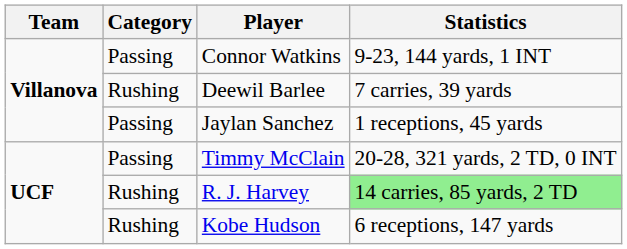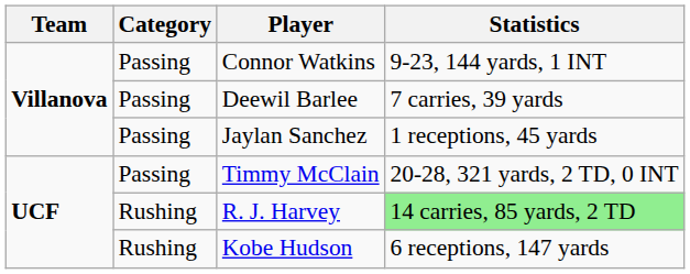 <table class="wikitable" style="float: right;">
 <tr>
 <th>Team</th>
 <th>Category</th>
 <th>Player</th>
 <th>Statistics</th>
 </tr>
 <tr>
 <td rowspan=3><strong>Villanova</strong></td>
 <td>Passing</td>
 <td>Connor Watkins</td>
 <td>9-23, 144 yards, 1 INT</td>
 </tr>
 <tr>
-<td>Rushing</td>
+<td>Passing</td>
 <td>Deewil Barlee</td>
 <td>7 carries, 39 yards</td>
 </tr>
 <tr>
 <td>Passing</td>
 <td>Jaylan Sanchez</td>
 <td>1 receptions, 45 yards</td>
 </tr>
 <tr>
 <td rowspan=3><strong>UCF</strong></td>
 <td>Passing</td>
 <td><a href='#'>Timmy McClain</a></td>
 <td>20-28, 321 yards, 2 TD, 0 INT</td>
 </tr>
 <tr>
 <td>Rushing</td>
 <td><a href='#'>R. J. Harvey</a></td>
 <td style="background: lightgreen;">14 carries, 85 yards, 2 TD</td>
 </tr>
 <tr>
 <td>Rushing</td>
 <td><a href='#'>Kobe Hudson</a></td>
 <td>6 receptions, 147 yards</td>
 </tr>
 </table>
